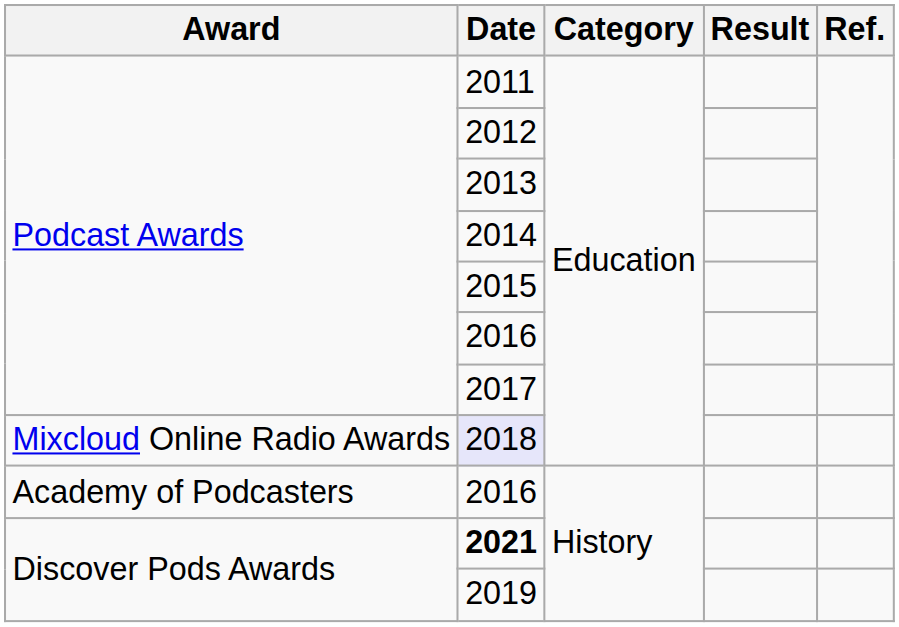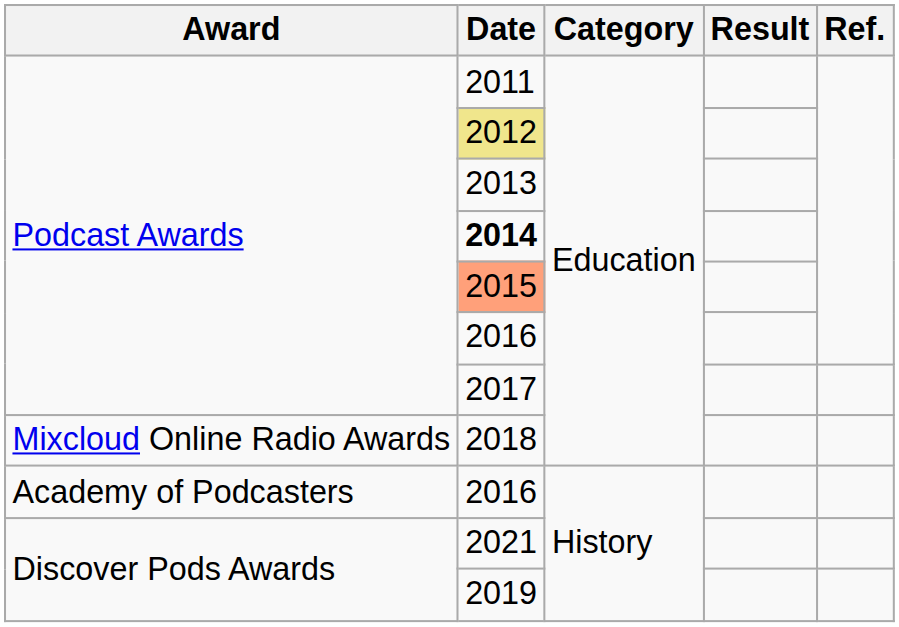 <table class="wikitable sortable">
 <tr>
 <th>Award</th>
 <th>Date</th>
 <th>Category</th>
 <th>Result</th>
 <th>Ref.</th>
 </tr>
 <tr>
 <td rowspan="7"><a href='#'>Podcast Awards</a></td>
 <td>2011</td>
 <td rowspan="8">Education</td>
 <td></td>
 <td rowspan="6"></td>
 </tr>
 <tr>
-<td>2012</td>
+<td style="background: khaki;">2012</td>
 <td></td>
 </tr>
 <tr>
 <td>2013</td>
 <td></td>
 </tr>
 <tr>
-<td>2014</td>
+<td><strong>2014</strong></td>
 <td></td>
 </tr>
 <tr>
-<td>2015</td>
+<td style="background: lightsalmon;">2015</td>
 <td></td>
 </tr>
 <tr>
 <td>2016</td>
 <td></td>
 </tr>
 <tr>
 <td>2017</td>
 <td></td>
 <td></td>
 </tr>
 <tr>
 <td><a href='#'>Mixcloud</a> Online Radio Awards</td>
-<td style="background: lavender;">2018</td>
+<td>2018</td>
 <td></td>
 <td></td>
 </tr>
 <tr>
 <td>Academy of Podcasters</td>
 <td>2016</td>
 <td rowspan="3">History</td>
 <td></td>
 <td></td>
 </tr>
 <tr>
 <td rowspan="2">Discover Pods Awards</td>
-<td><strong>2021</strong></td>
+<td>2021</td>
 <td></td>
 <td></td>
 </tr>
 <tr>
 <td>2019</td>
 <td></td>
 <td></td>
 </tr>
 </table>
